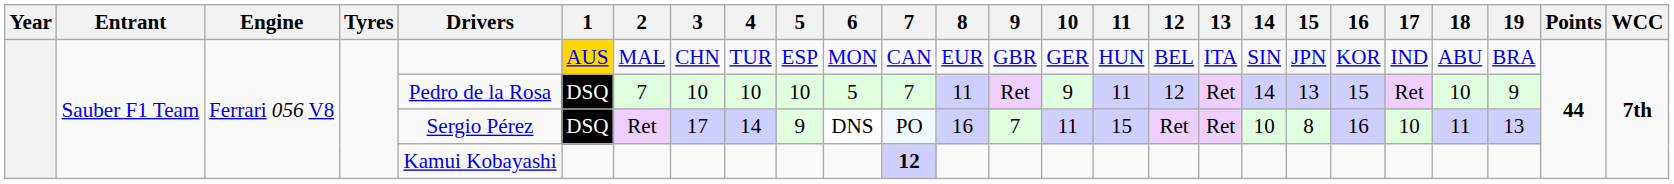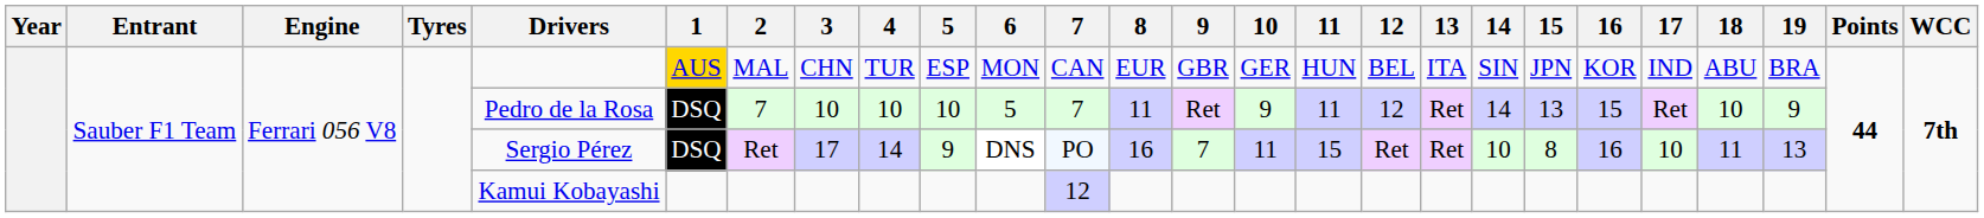 <table class="wikitable" style="text-align:center; font-size:95%">
 <tr>
 <th>Year</th>
 <th>Entrant</th>
 <th>Engine</th>
 <th>Tyres</th>
 <th>Drivers</th>
 <th>1</th>
 <th>2</th>
 <th>3</th>
 <th>4</th>
 <th>5</th>
 <th>6</th>
 <th>7</th>
 <th>8</th>
 <th>9</th>
 <th>10</th>
 <th>11</th>
 <th>12</th>
 <th>13</th>
 <th>14</th>
 <th>15</th>
 <th>16</th>
 <th>17</th>
 <th>18</th>
 <th>19</th>
 <th>Points</th>
 <th>WCC</th>
 </tr>
 <tr>
 <th rowspan=4></th>
 <td rowspan=4><a href='#'>Sauber F1 Team</a></td>
 <td rowspan=4><a href='#'>Ferrari</a> <em>056</em> <a href='#'>V8</a></td>
 <td rowspan=4></td>
 <td></td>
 <td style="background: gold;"><a href='#'>AUS</a></td>
 <td><a href='#'>MAL</a></td>
 <td><a href='#'>CHN</a></td>
 <td><a href='#'>TUR</a></td>
 <td><a href='#'>ESP</a></td>
 <td><a href='#'>MON</a></td>
 <td><a href='#'>CAN</a></td>
 <td><a href='#'>EUR</a></td>
 <td><a href='#'>GBR</a></td>
 <td><a href='#'>GER</a></td>
 <td><a href='#'>HUN</a></td>
 <td><a href='#'>BEL</a></td>
 <td><a href='#'>ITA</a></td>
 <td><a href='#'>SIN</a></td>
 <td><a href='#'>JPN</a></td>
 <td><a href='#'>KOR</a></td>
 <td><a href='#'>IND</a></td>
 <td><a href='#'>ABU</a></td>
 <td><a href='#'>BRA</a></td>
 <td rowspan=4><strong>44</strong></td>
 <td rowspan=4><strong>7th</strong></td>
 </tr>
 <tr>
 <td> <a href='#'>Pedro de la Rosa</a></td>
 <td style="background:#000000; color:white">DSQ</td>
 <td style="background:#DFFFDF;">7</td>
 <td style="background:#DFFFDF;">10</td>
 <td style="background:#DFFFDF;">10</td>
 <td style="background:#DFFFDF;">10</td>
 <td style="background:#DFFFDF;">5</td>
 <td style="background:#DFFFDF;">7</td>
 <td style="background:#cfcfff;">11</td>
 <td style="background:#efcfff;">Ret</td>
 <td style="background:#DFFFDF;">9</td>
 <td style="background:#cfcfff;">11</td>
 <td style="background:#cfcfff;">12</td>
 <td style="background:#efcfff;">Ret</td>
 <td style="background:#cfcfff;">14</td>
 <td style="background:#cfcfff;">13</td>
 <td style="background:#cfcfff;">15</td>
 <td style="background:#efcfff;">Ret</td>
 <td style="background:#DFFFDF;">10</td>
 <td style="background:#DFFFDF;">9</td>
 </tr>
 <tr>
 <td> <a href='#'>Sergio Pérez</a></td>
 <td style="background:#000000; color:white">DSQ</td>
 <td style="background:#efcfff;">Ret</td>
 <td style="background:#cfcfff;">17</td>
 <td style="background:#cfcfff;">14</td>
 <td style="background:#DFFFDF;">9</td>
 <td style="background:#ffffff;">DNS</td>
 <td style="background:#F1F8FF;">PO</td>
 <td style="background:#cfcfff;">16</td>
 <td style="background:#DFFFDF;">7</td>
 <td style="background:#cfcfff;">11</td>
 <td style="background:#cfcfff;">15</td>
 <td style="background:#efcfff;">Ret</td>
 <td style="background:#efcfff;">Ret</td>
 <td style="background:#DFFFDF;">10</td>
 <td style="background:#dfffdf;">8</td>
 <td style="background:#cfcfff;">16</td>
 <td style="background:#DFFFDF;">10</td>
 <td style="background:#cfcfff;">11</td>
 <td style="background:#cfcfff;">13</td>
 </tr>
 <tr>
 <td> <a href='#'>Kamui Kobayashi</a></td>
 <td></td>
 <td></td>
 <td></td>
 <td></td>
 <td></td>
 <td></td>
-<td style="background:#cfcfff;"><strong>12</strong></td>
+<td style="background:#cfcfff;">12</td>
 <td></td>
 <td></td>
 <td></td>
 <td></td>
 <td></td>
 <td></td>
 <td></td>
 <td></td>
 <td></td>
 <td></td>
 <td></td>
 <td></td>
 </tr>
 </table>
